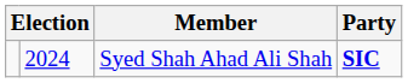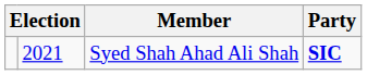 <table class="wikitable">
 <tr>
 <th colspan="2">Election</th>
 <th>Member</th>
 <th>Party</th>
 </tr>
 <tr>
 <td style="background-color: "></td>
-<td><a href='#'>2024</a></td>
+<td><a href='#'>2021</a></td>
 <td><a href='#'>Syed Shah Ahad Ali Shah</a></td>
 <td><strong><a href='#'>SIC</a></strong></td>
 </tr>
 </table>
